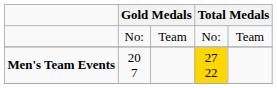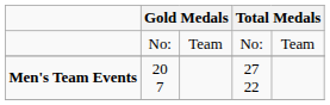 <table class="wikitable" style="text-align: center; font-size:95%;">
 <tr>
 <td></td>
 <th colspan=2>Gold Medals</th>
 <th colspan=2>Total Medals</th>
 </tr>
 <tr>
 <td></td>
 <td>No:</td>
 <td>Team</td>
 <td>No:</td>
 <td>Team</td>
 </tr>
 <tr>
 </tr>
 <tr>
 <td><strong>Men's Team Events</strong></td>
 <td>20 <br> 7</td>
 <td align="left"> <br> </td>
-<td style="background: gold;">27 <br> 22</td>
+<td>27 <br> 22</td>
 <td align="left"> <br> </td>
 </tr>
 <tr>
 </tr>
 </table>
